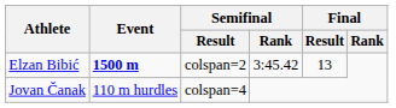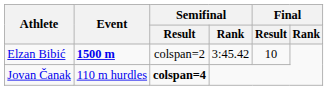 <table class="wikitable" style="font-size:90%">
 <tr>
 <th rowspan="2">Athlete</th>
 <th rowspan="2">Event</th>
 <th colspan="2">Semifinal</th>
 <th colspan="2">Final</th>
 </tr>
 <tr style="font-size:95%">
 <th>Result</th>
 <th>Rank</th>
 <th>Result</th>
 <th>Rank</th>
 </tr>
 <tr align=center>
 <td align=left><a href='#'>Elzan Bibić</a></td>
 <td align=left><strong><a href='#'>1500 m</a></strong></td>
 <td>colspan=2 </td>
 <td>3:45.42</td>
-<td>13</td>
+<td>10</td>
 </tr>
 <tr align=center>
 <td align=left><a href='#'>Jovan Čanak</a></td>
 <td align=left><a href='#'>110 m hurdles</a></td>
-<td>colspan=4 </td>
+<td><strong>colspan=4 </strong></td>
 </tr>
 </table>
